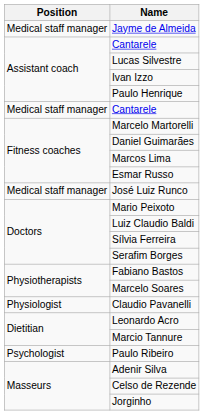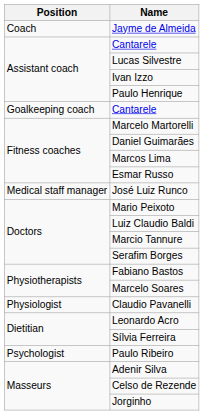 <table class="wikitable">
 <tr>
 <th>Position</th>
 <th>Name</th>
 </tr>
 <tr>
-<td>Medical staff manager</td>
+<td>Coach</td>
 <td><a href='#'>Jayme de Almeida</a></td>
 </tr>
 <tr>
 <td rowspan=4>Assistant coach</td>
 <td><a href='#'>Cantarele</a></td>
 </tr>
 <tr>
 <td>Lucas Silvestre</td>
 </tr>
 <tr>
 <td>Ivan Izzo</td>
 </tr>
 <tr>
 <td>Paulo Henrique</td>
 </tr>
 <tr>
-<td>Medical staff manager</td>
+<td>Goalkeeping coach</td>
 <td><a href='#'>Cantarele</a></td>
 </tr>
 <tr>
 <td rowspan=4>Fitness coaches</td>
 <td>Marcelo Martorelli</td>
 </tr>
 <tr>
 <td>Daniel Guimarães</td>
 </tr>
 <tr>
 <td>Marcos Lima</td>
 </tr>
 <tr>
 <td>Esmar Russo</td>
 </tr>
 <tr>
 <td>Medical staff manager</td>
 <td>José Luiz Runco</td>
 </tr>
 <tr>
 <td rowspan=4>Doctors</td>
 <td>Mario Peixoto</td>
 </tr>
 <tr>
 <td>Luiz Claudio Baldi</td>
 </tr>
 <tr>
-<td>Sílvia Ferreira</td>
+<td>Marcio Tannure</td>
 </tr>
 <tr>
 <td>Serafim Borges</td>
 </tr>
 <tr>
 <td rowspan=2>Physiotherapists</td>
 <td>Fabiano Bastos</td>
 </tr>
 <tr>
 <td>Marcelo Soares</td>
 </tr>
 <tr>
 <td>Physiologist</td>
 <td>Claudio Pavanelli</td>
 </tr>
 <tr>
 <td rowspan=2>Dietitian</td>
 <td>Leonardo Acro</td>
 </tr>
 <tr>
-<td>Marcio Tannure</td>
+<td>Sílvia Ferreira</td>
 </tr>
 <tr>
 <td>Psychologist</td>
 <td>Paulo Ribeiro</td>
 </tr>
 <tr>
 <td rowspan=3>Masseurs</td>
 <td>Adenir Silva</td>
 </tr>
 <tr>
 <td>Celso de Rezende</td>
 </tr>
 <tr>
 <td>Jorginho</td>
 </tr>
 </table>
